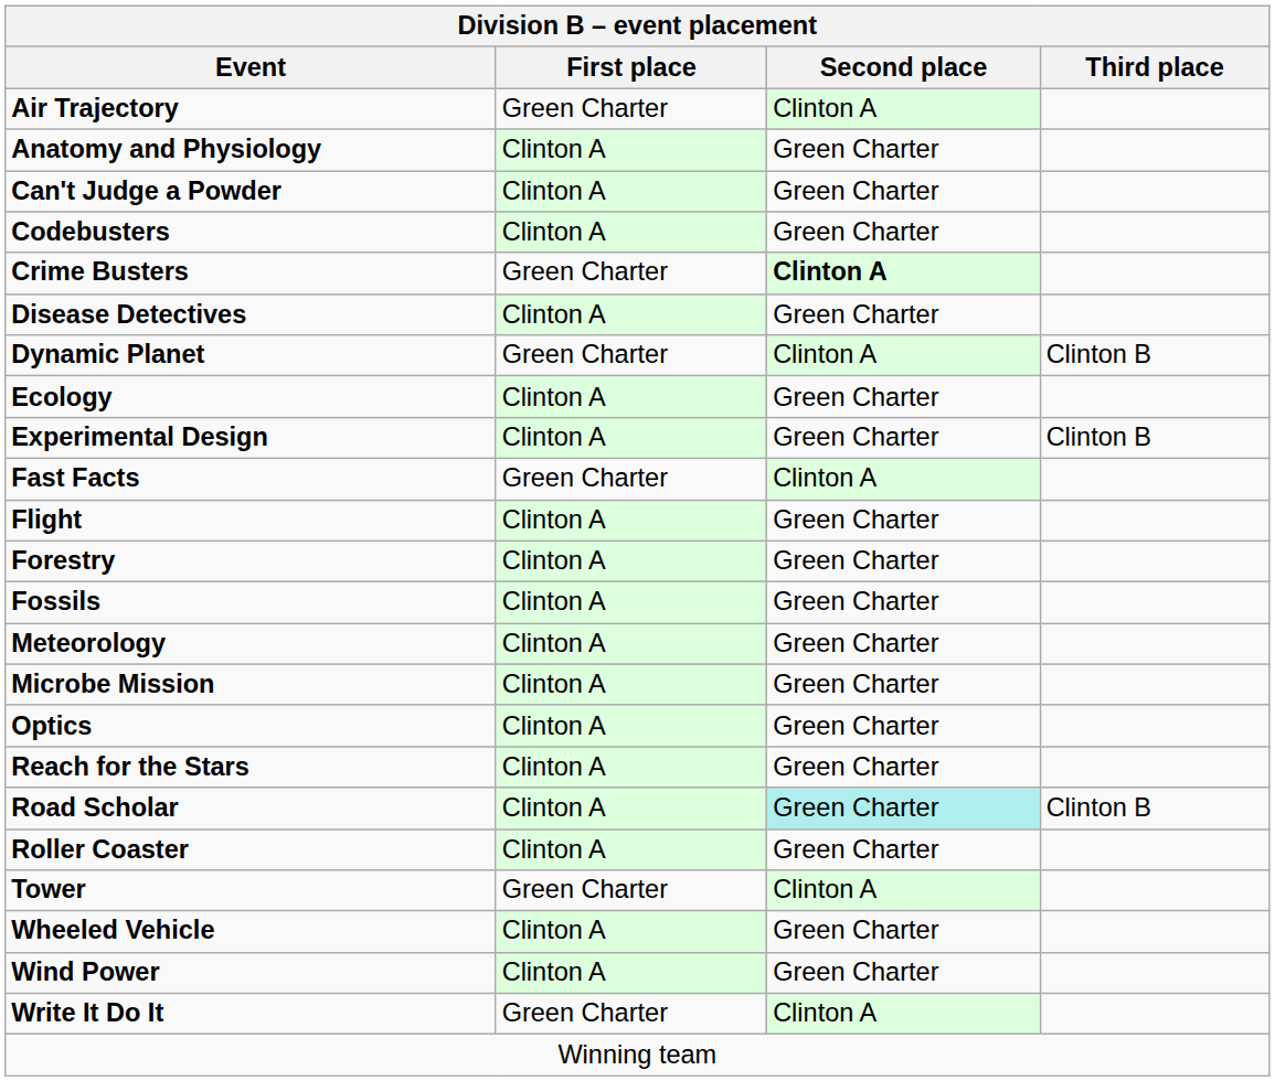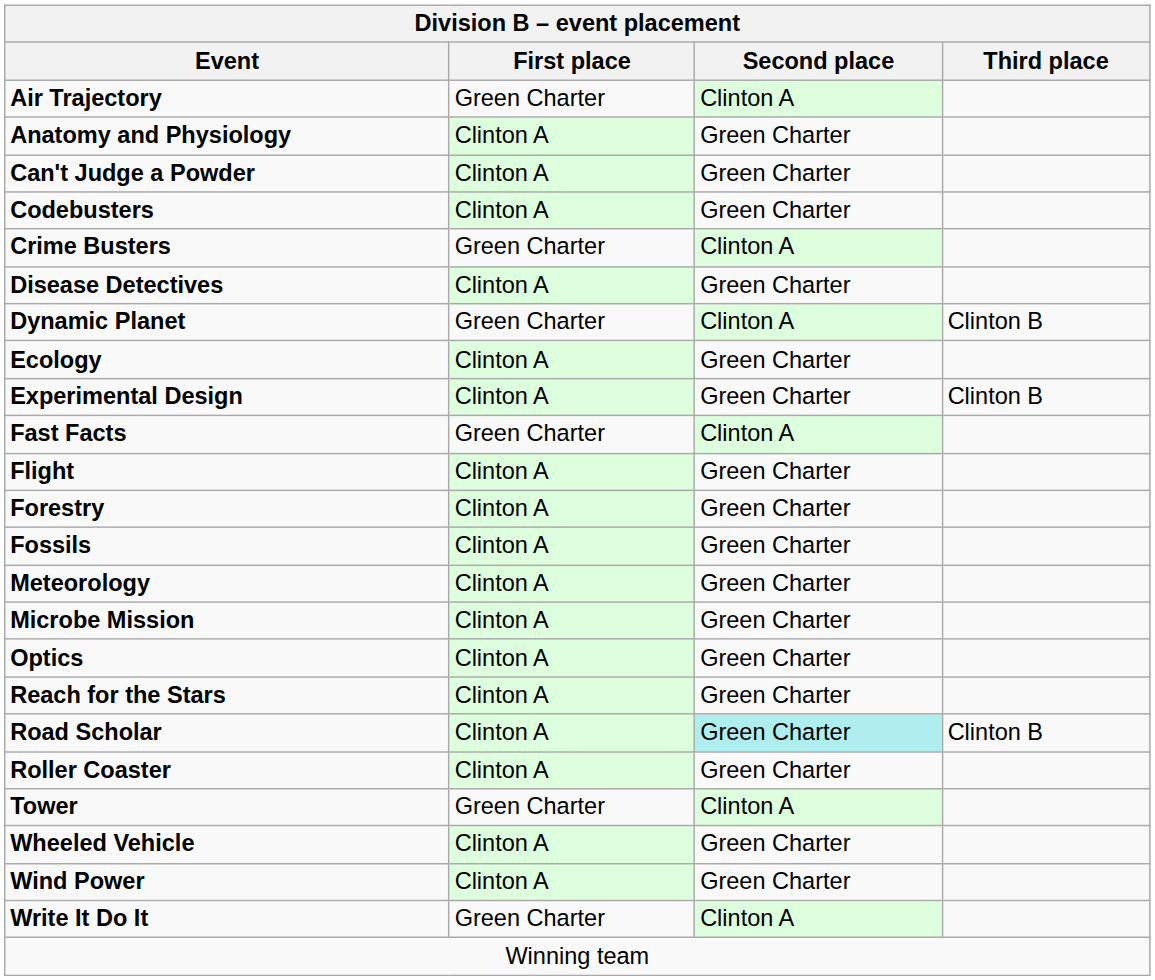 <table class="wikitable collapsible collapsed" style="float:left; width:780px">
 <tr>
 <th colspan=4>Division B – event placement</th>
 </tr>
 <tr>
 <th>Event</th>
 <th>First place</th>
 <th>Second place</th>
 <th>Third place</th>
 </tr>
 <tr>
 <td><strong>Air Trajectory</strong></td>
 <td>Green Charter</td>
 <td style="background:#ddffdd">Clinton A</td>
 <td></td>
 </tr>
 <tr>
 <td><strong>Anatomy and Physiology</strong></td>
 <td style="background:#ddffdd">Clinton A</td>
 <td>Green Charter</td>
 <td></td>
 </tr>
 <tr>
 <td><strong>Can't Judge a Powder</strong></td>
 <td style="background:#ddffdd">Clinton A</td>
 <td>Green Charter</td>
 <td></td>
 </tr>
 <tr>
 <td><strong>Codebusters</strong></td>
 <td style="background:#ddffdd">Clinton A</td>
 <td>Green Charter</td>
 <td></td>
 </tr>
 <tr>
 <td><strong>Crime Busters</strong></td>
 <td>Green Charter</td>
-<td style="background:#ddffdd"><strong>Clinton A</strong></td>
+<td style="background:#ddffdd">Clinton A</td>
 <td></td>
 </tr>
 <tr>
 <td><strong>Disease Detectives</strong></td>
 <td style="background:#ddffdd">Clinton A</td>
 <td>Green Charter</td>
 <td></td>
 </tr>
 <tr>
 <td><strong>Dynamic Planet</strong></td>
 <td>Green Charter</td>
 <td style="background:#ddffdd">Clinton A</td>
 <td>Clinton B</td>
 </tr>
 <tr>
 <td><strong>Ecology</strong></td>
 <td style="background:#ddffdd">Clinton A</td>
 <td>Green Charter</td>
 <td></td>
 </tr>
 <tr>
 <td><strong>Experimental Design</strong></td>
 <td style="background:#ddffdd">Clinton A</td>
 <td>Green Charter</td>
 <td>Clinton B</td>
 </tr>
 <tr>
 <td><strong>Fast Facts</strong></td>
 <td>Green Charter</td>
 <td style="background:#ddffdd">Clinton A</td>
 <td></td>
 </tr>
 <tr>
 <td><strong>Flight</strong></td>
 <td style="background:#ddffdd">Clinton A</td>
 <td>Green Charter</td>
 <td></td>
 </tr>
 <tr>
 <td><strong>Forestry</strong></td>
 <td style="background:#ddffdd">Clinton A</td>
 <td>Green Charter</td>
 <td></td>
 </tr>
 <tr>
 <td><strong>Fossils</strong></td>
 <td style="background:#ddffdd">Clinton A</td>
 <td>Green Charter</td>
 <td></td>
 </tr>
 <tr>
 <td><strong>Meteorology</strong></td>
 <td style="background:#ddffdd">Clinton A</td>
 <td>Green Charter</td>
 <td></td>
 </tr>
 <tr>
 <td><strong>Microbe Mission</strong></td>
 <td style="background:#ddffdd">Clinton A</td>
 <td>Green Charter</td>
 <td></td>
 </tr>
 <tr>
 <td><strong>Optics</strong></td>
 <td style="background:#ddffdd">Clinton A</td>
 <td>Green Charter</td>
 <td></td>
 </tr>
 <tr>
 <td><strong>Reach for the Stars</strong></td>
 <td style="background:#ddffdd">Clinton A</td>
 <td>Green Charter</td>
 <td></td>
 </tr>
 <tr>
 <td><strong>Road Scholar</strong></td>
 <td style="background:#ddffdd">Clinton A</td>
 <td style="background: paleturquoise;">Green Charter</td>
 <td>Clinton B</td>
 </tr>
 <tr>
 <td><strong>Roller Coaster</strong></td>
 <td style="background:#ddffdd">Clinton A</td>
 <td>Green Charter</td>
 <td></td>
 </tr>
 <tr>
 <td><strong>Tower</strong></td>
 <td>Green Charter</td>
 <td style="background:#ddffdd">Clinton A</td>
 <td></td>
 </tr>
 <tr>
 <td><strong>Wheeled Vehicle</strong></td>
 <td style="background:#ddffdd">Clinton A</td>
 <td>Green Charter</td>
 <td></td>
 </tr>
 <tr>
 <td><strong>Wind Power</strong></td>
 <td style="background:#ddffdd">Clinton A</td>
 <td>Green Charter</td>
 <td></td>
 </tr>
 <tr>
 <td><strong>Write It Do It</strong></td>
 <td>Green Charter</td>
 <td style="background:#ddffdd">Clinton A</td>
 <td></td>
 </tr>
 <tr>
 <td colspan=5 style=text-align:center> Winning team</td>
 </tr>
 </table>
